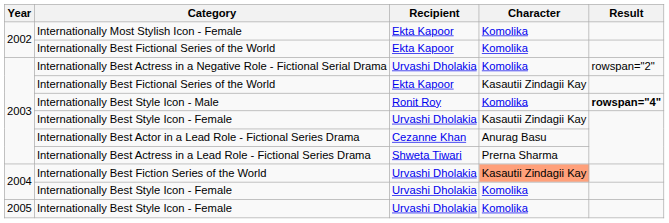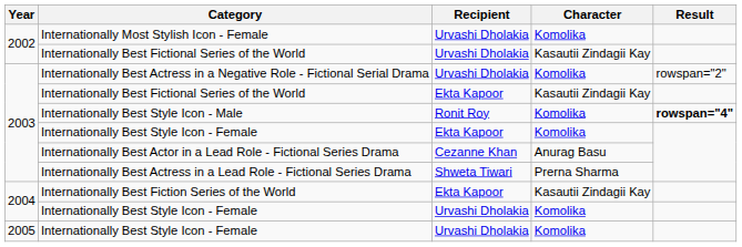 <table class="wikitable sortable">
 <tr>
 <th>Year</th>
 <th>Category</th>
 <th>Recipient</th>
 <th>Character</th>
 <th>Result</th>
 </tr>
 <tr>
 <td rowspan="2">2002</td>
 <td>Internationally Most Stylish Icon - Female</td>
-<td><a href='#'>Ekta Kapoor</a></td>
+<td><a href='#'>Urvashi Dholakia</a></td>
 <td><a href='#'>Komolika</a></td>
 <td> </td>
 </tr>
 <tr>
 <td>Internationally Best Fictional Series of the World</td>
-<td><a href='#'>Ekta Kapoor</a></td>
-<td><a href='#'>Komolika</a></td>
+<td><a href='#'>Urvashi Dholakia</a></td>
+<td>Kasautii Zindagii Kay</td>
 <td> </td>
 </tr>
 <tr>
 <td rowspan="6">2003</td>
 <td>Internationally Best Actress in a Negative Role - Fictional Serial Drama</td>
 <td><a href='#'>Urvashi Dholakia</a></td>
 <td><a href='#'>Komolika</a></td>
 <td>rowspan="2"  </td>
 </tr>
 <tr>
 <td>Internationally Best Fictional Series of the World</td>
 <td><a href='#'>Ekta Kapoor</a></td>
 <td>Kasautii Zindagii Kay</td>
 </tr>
 <tr>
 <td>Internationally Best Style Icon - Male</td>
 <td><a href='#'>Ronit Roy</a></td>
 <td><a href='#'>Komolika</a></td>
 <td><strong>rowspan="4"  </strong></td>
 </tr>
 <tr>
 <td>Internationally Best Style Icon - Female</td>
-<td><a href='#'>Urvashi Dholakia</a></td>
-<td>Kasautii Zindagii Kay</td>
+<td><a href='#'>Ekta Kapoor</a></td>
+<td><a href='#'>Komolika</a></td>
 </tr>
 <tr>
 <td>Internationally Best Actor in a Lead Role - Fictional Series Drama</td>
 <td><a href='#'>Cezanne Khan</a></td>
 <td>Anurag Basu</td>
 </tr>
 <tr>
 <td>Internationally Best Actress in a Lead Role - Fictional Series Drama</td>
 <td><a href='#'>Shweta Tiwari</a></td>
 <td>Prerna Sharma</td>
 </tr>
 <tr>
 <td rowspan="2">2004</td>
 <td>Internationally Best Fiction Series of the World</td>
-<td><a href='#'>Urvashi Dholakia</a></td>
-<td style="background: lightsalmon;">Kasautii Zindagii Kay</td>
+<td><a href='#'>Ekta Kapoor</a></td>
+<td>Kasautii Zindagii Kay</td>
 <td> </td>
 </tr>
 <tr>
 <td>Internationally Best Style Icon - Female</td>
 <td><a href='#'>Urvashi Dholakia</a></td>
 <td><a href='#'>Komolika</a></td>
 <td> </td>
 </tr>
 <tr>
 <td>2005</td>
 <td>Internationally Best Style Icon - Female</td>
 <td><a href='#'>Urvashi Dholakia</a></td>
 <td><a href='#'>Komolika</a></td>
 <td> </td>
 </tr>
 </table>
